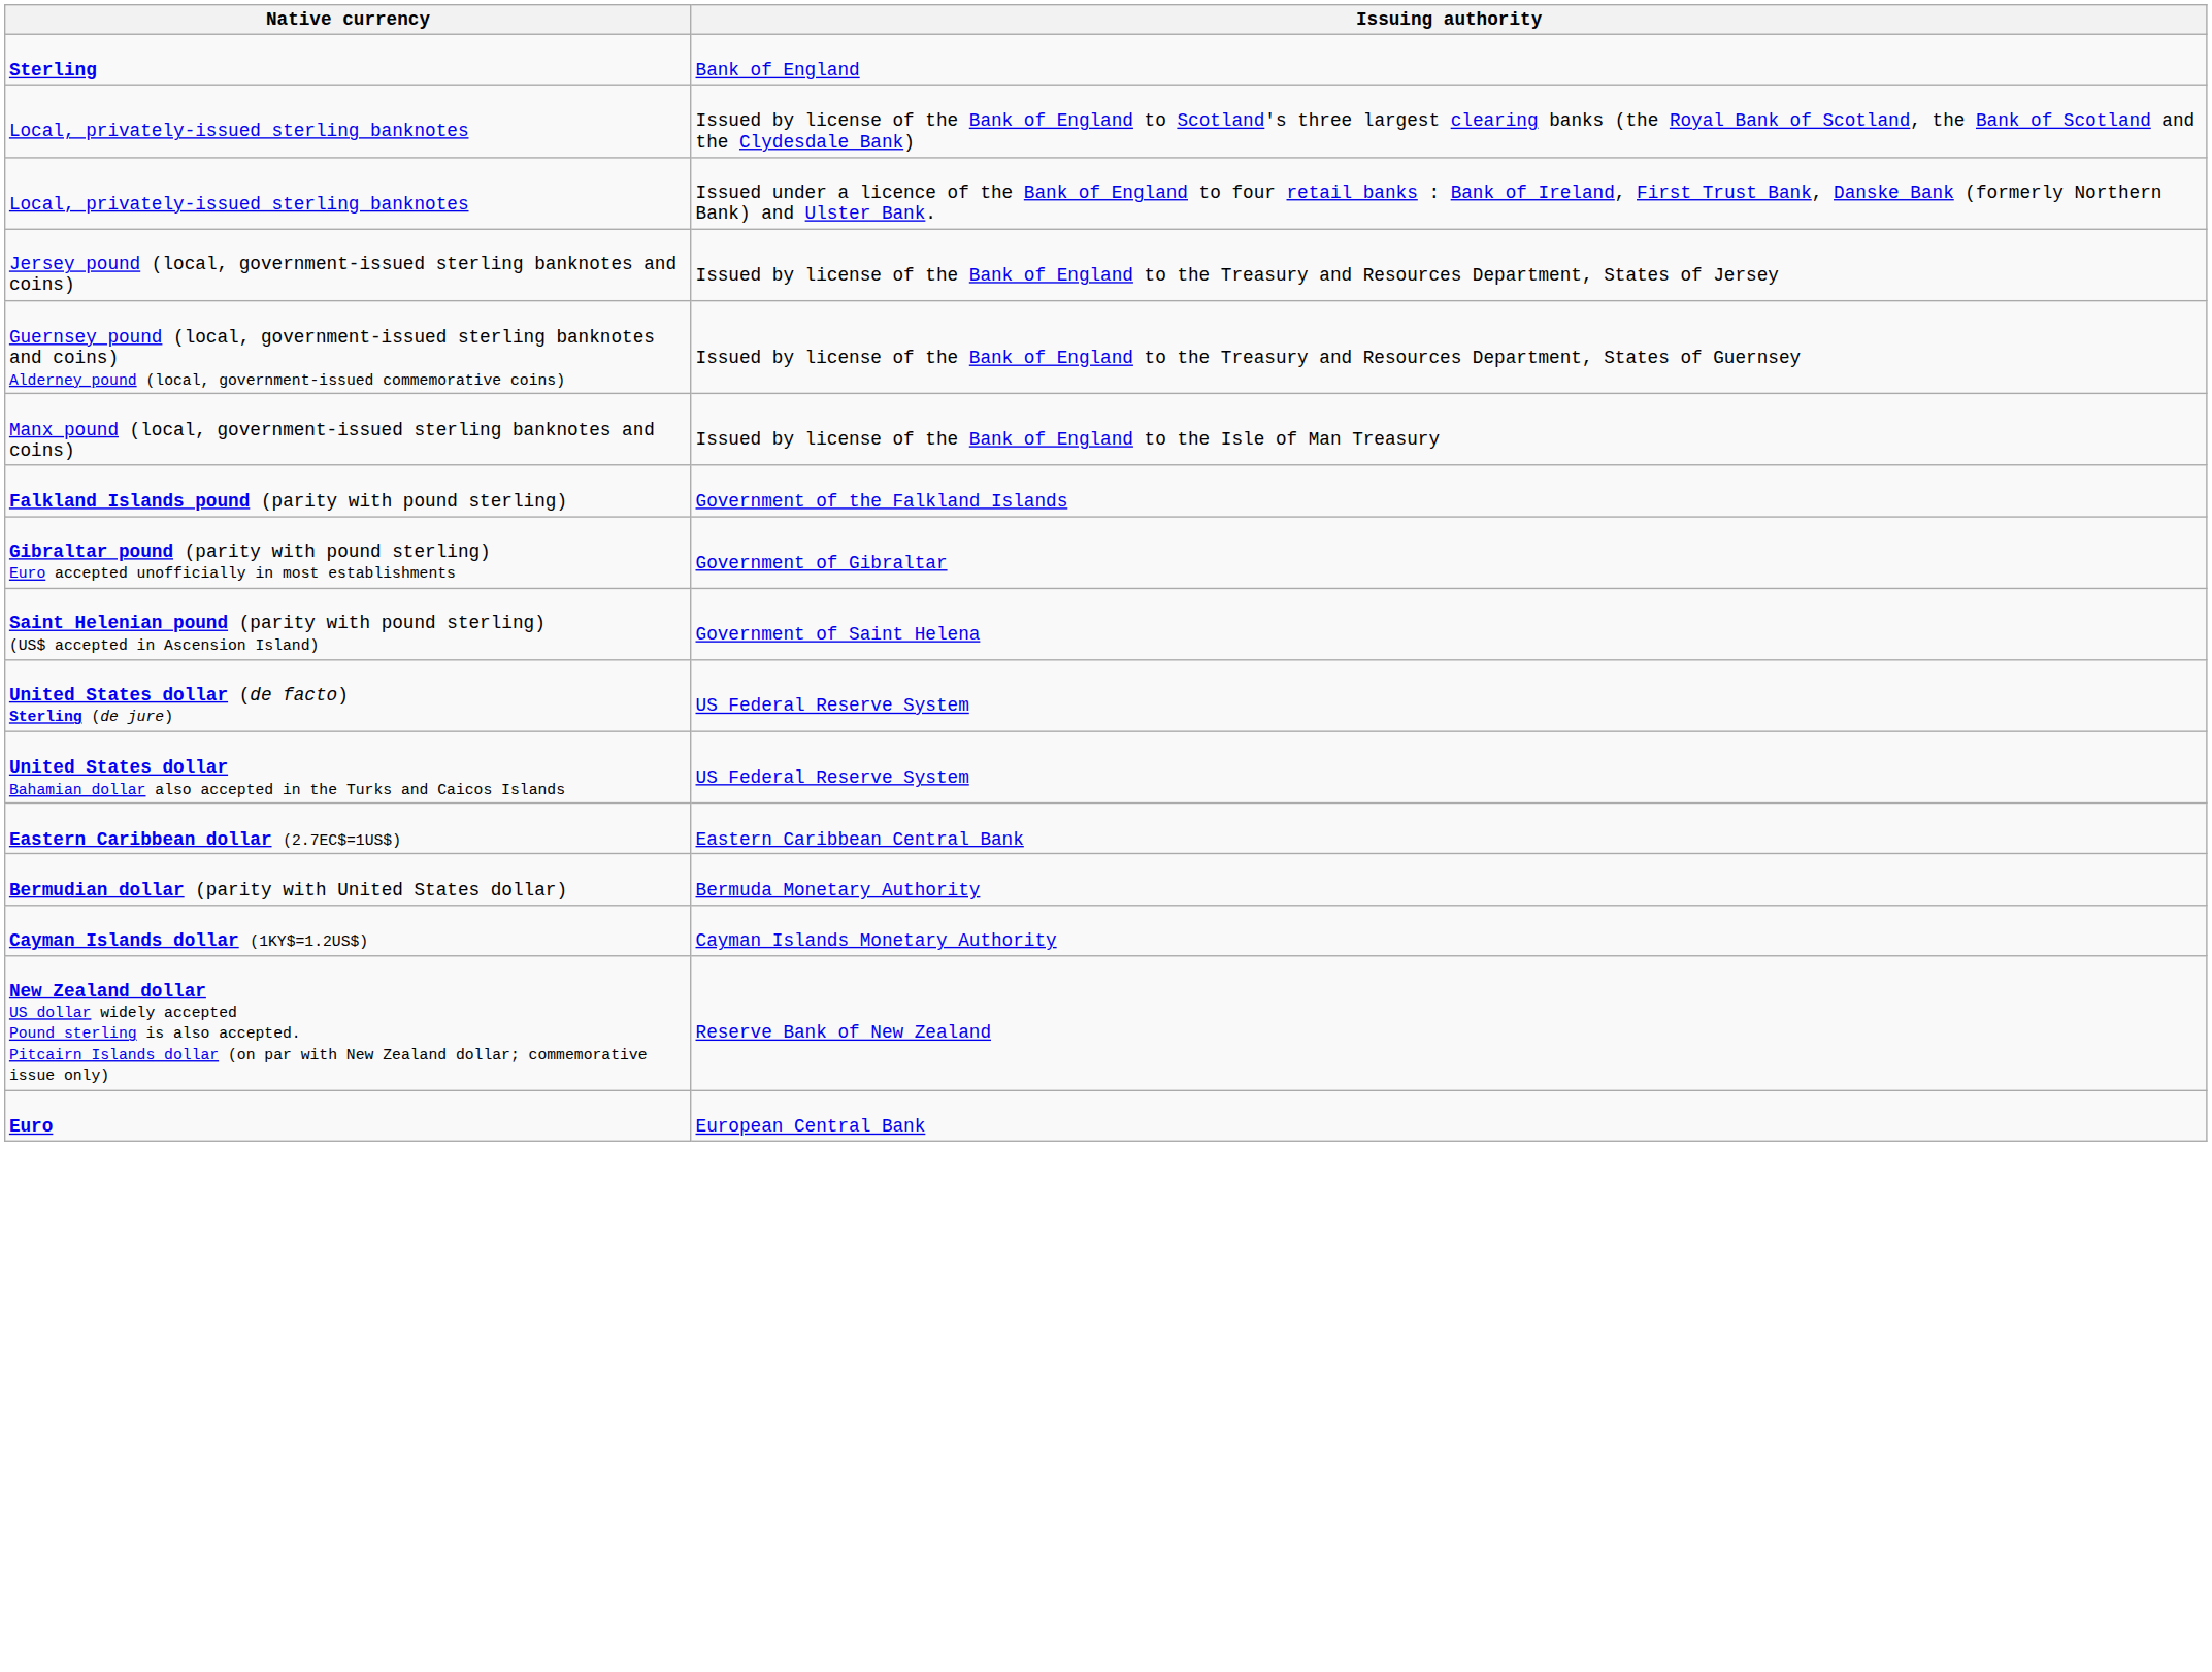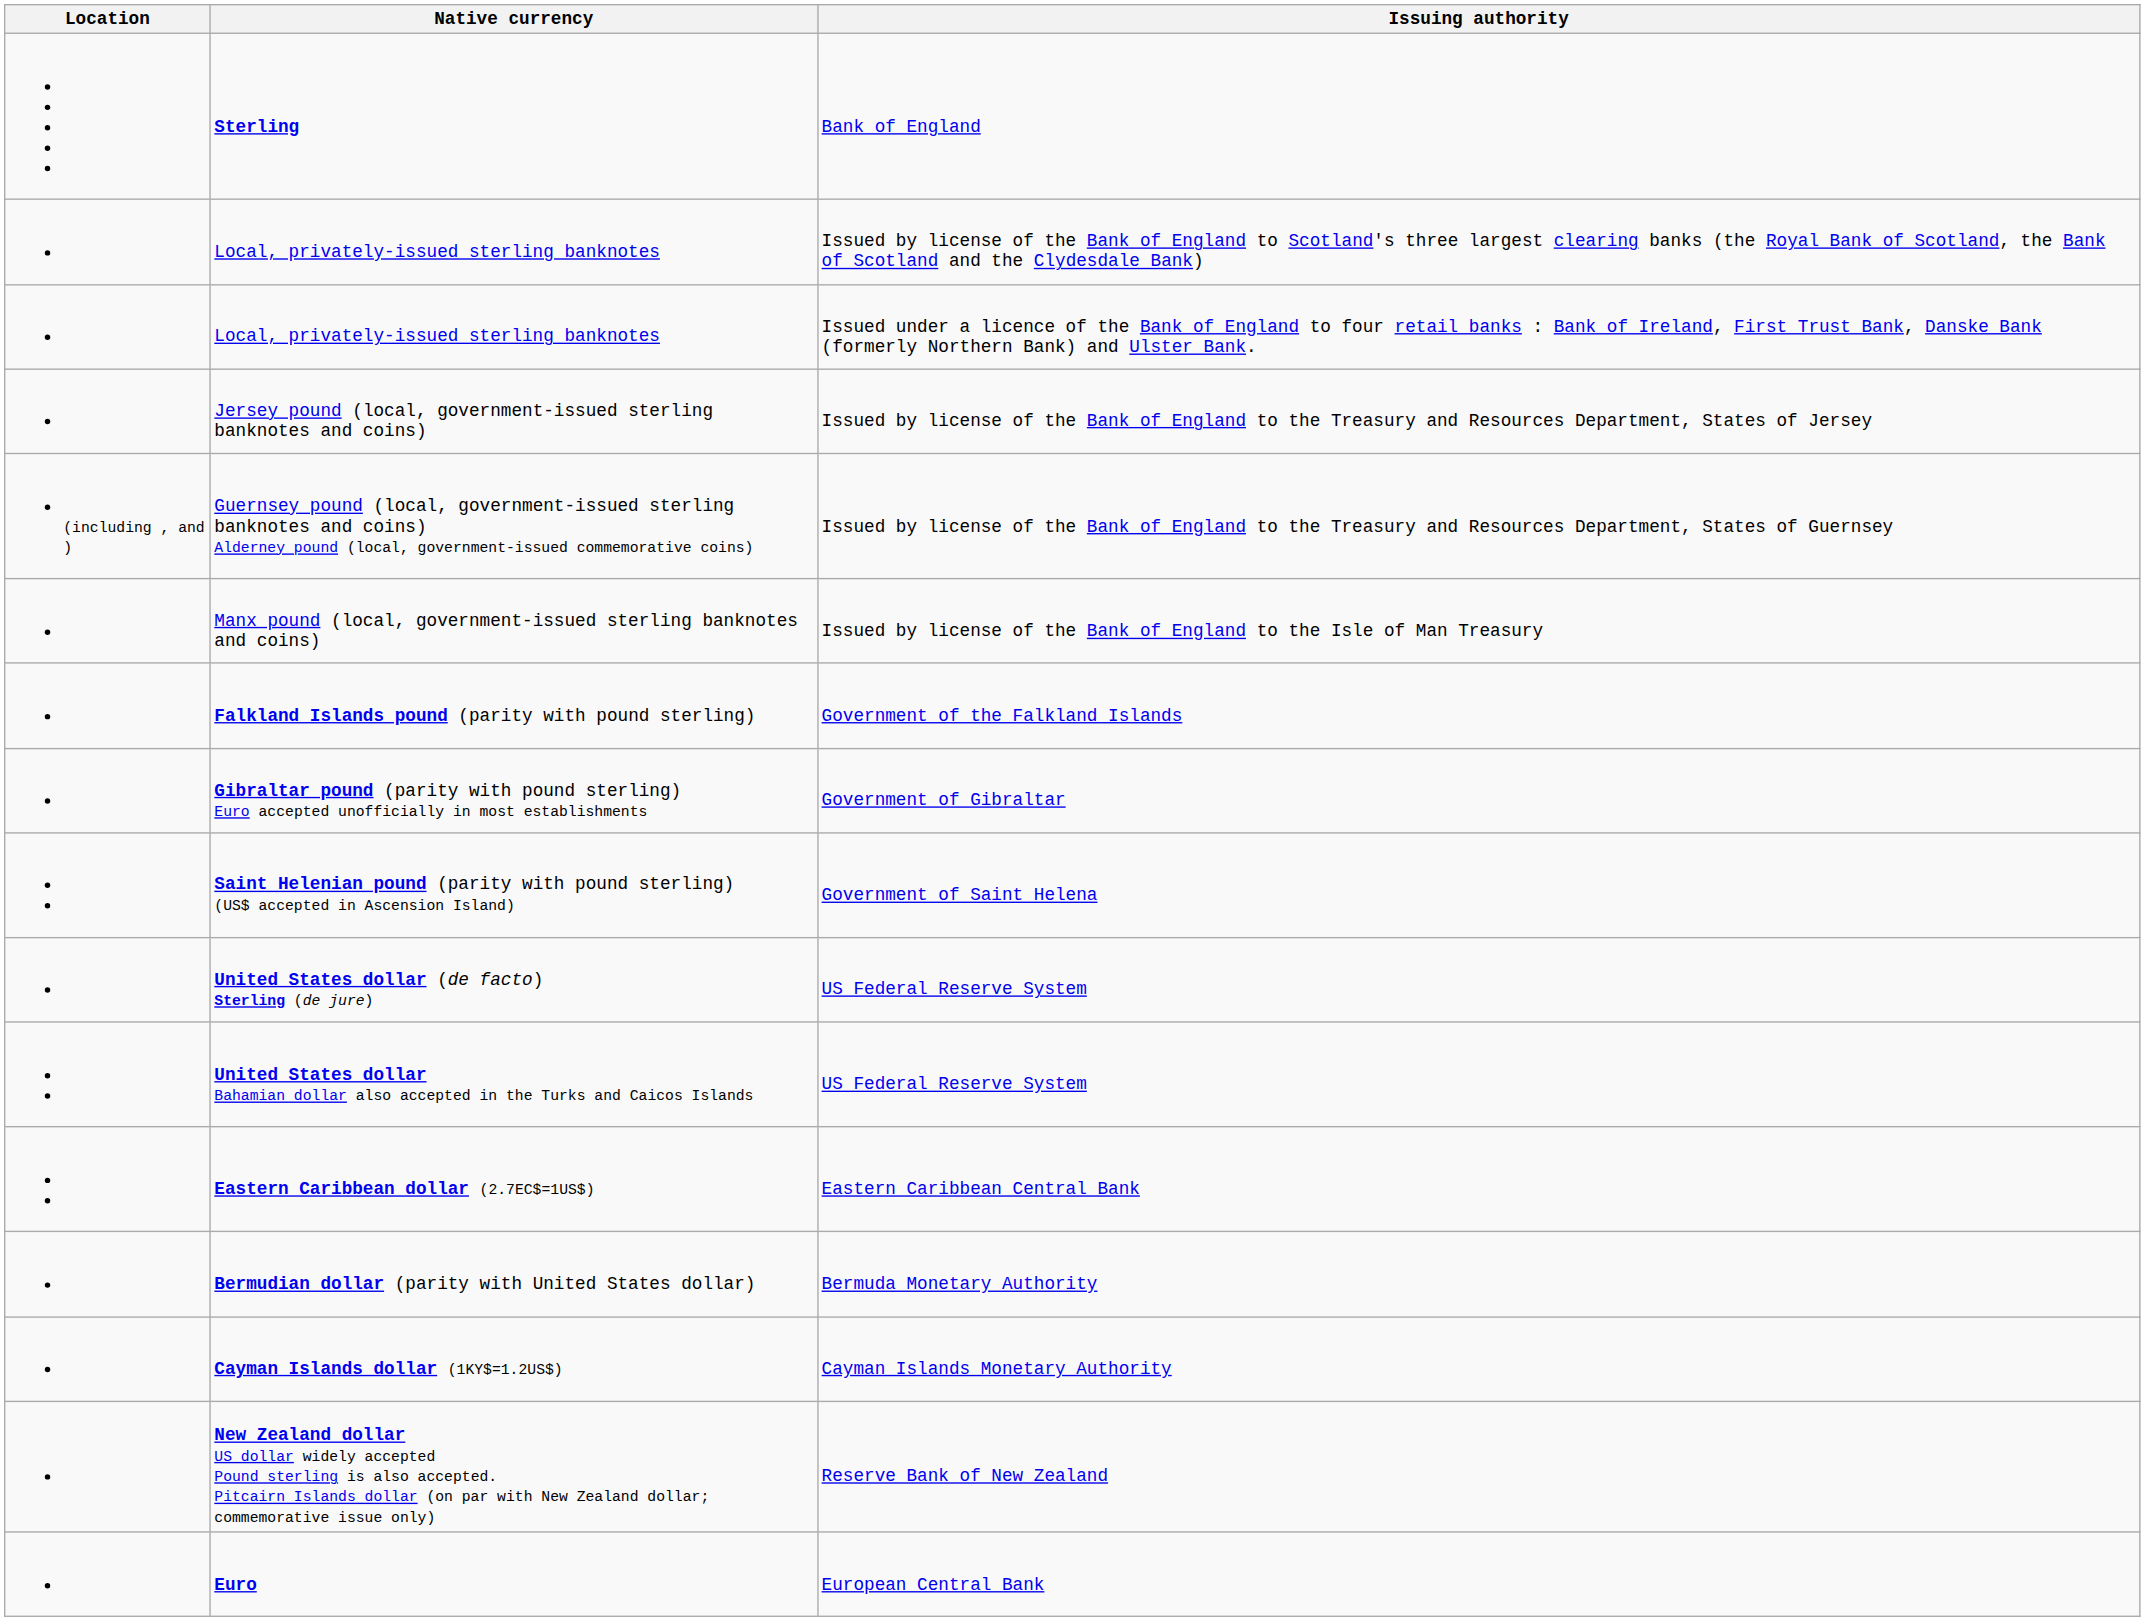 <table class="wikitable">
 <tr>
+<th>Location</th>
 <th>Native currency</th>
 <th>Issuing authority</th>
 </tr>
 <tr>
+<td><br><ul><li></li><li></li><li></li><li></li><li></li></ul></td>
 <td><br><strong><a href='#'>Sterling</a></strong></td>
 <td><br><a href='#'>Bank of England</a></td>
 </tr>
 <tr>
+<td><br><ul><li></li></ul></td>
 <td><br><a href='#'>Local, privately-issued sterling banknotes</a></td>
 <td><br>Issued by license of the <a href='#'>Bank of England</a> to <a href='#'>Scotland</a>'s three largest <a href='#'>clearing</a> banks (the <a href='#'>Royal Bank of Scotland</a>, the <a href='#'>Bank of Scotland</a> and the <a href='#'>Clydesdale Bank</a>)</td>
 </tr>
 <tr>
+<td><br><ul><li></li></ul></td>
 <td><br><a href='#'>Local, privately-issued sterling banknotes</a></td>
 <td><br>Issued under a licence of the <a href='#'>Bank of England</a> to four <a href='#'>retail banks</a> : <a href='#'>Bank of Ireland</a>, <a href='#'>First Trust Bank</a>, <a href='#'>Danske Bank</a> (formerly Northern Bank) and <a href='#'>Ulster Bank</a>.</td>
 </tr>
 <tr>
+<td><br><ul><li></li></ul></td>
 <td><br><a href='#'>Jersey pound</a> (local, government-issued sterling banknotes and coins)</td>
 <td><br>Issued by license of the <a href='#'>Bank of England</a> to the Treasury and Resources Department, States of Jersey</td>
 </tr>
 <tr>
+<td><br><ul><li> <br><small>(including ,  and )</small></li></ul></td>
 <td><br><a href='#'>Guernsey pound</a> (local, government-issued sterling banknotes and coins)<br><small><a href='#'>Alderney pound</a> (local, government-issued commemorative coins)</small></td>
 <td><br>Issued by license of the <a href='#'>Bank of England</a> to the Treasury and Resources Department, States of Guernsey</td>
 </tr>
 <tr>
+<td><br><ul><li></li></ul></td>
 <td><br><a href='#'>Manx pound</a> (local, government-issued sterling banknotes and coins)</td>
 <td><br>Issued by license of the <a href='#'>Bank of England</a> to the Isle of Man Treasury</td>
 </tr>
 <tr>
+<td><br><ul><li></li></ul></td>
 <td><br><strong><a href='#'>Falkland Islands pound</a></strong> (parity with pound sterling)</td>
 <td><br><a href='#'>Government of the Falkland Islands</a></td>
 </tr>
 <tr>
+<td><br><ul><li></li></ul></td>
 <td><br><strong><a href='#'>Gibraltar pound</a></strong> (parity with pound sterling)<br> <small><a href='#'>Euro</a> accepted unofficially in most establishments</small></td>
 <td><br><a href='#'>Government of Gibraltar</a></td>
 </tr>
 <tr>
+<td><br><ul><li></li><li></li></ul></td>
 <td><br><strong><a href='#'>Saint Helenian pound</a></strong> (parity with pound sterling)<br> <small>(US$ accepted in Ascension Island)</small></td>
 <td><br><a href='#'>Government of Saint Helena</a></td>
 </tr>
 <tr>
+<td><br><ul><li></li></ul></td>
 <td><br><strong><a href='#'>United States dollar</a></strong> (<em>de facto</em>)<br> <small><strong><a href='#'>Sterling</a></strong> (<em>de jure</em>)</small></td>
 <td><br><a href='#'>US Federal Reserve System</a></td>
 </tr>
 <tr>
+<td><br><ul><li></li><li></li></ul></td>
 <td><br><strong><a href='#'>United States dollar</a></strong> <small><br><a href='#'>Bahamian dollar</a> also accepted in the Turks and Caicos Islands</small></td>
 <td><br><a href='#'>US Federal Reserve System</a></td>
 </tr>
 <tr>
+<td><br><ul><li></li><li></li></ul></td>
 <td><br><strong><a href='#'>Eastern Caribbean dollar</a></strong> <small>(2.7EC$=1US$)</small></td>
 <td><br><a href='#'>Eastern Caribbean Central Bank</a></td>
 </tr>
 <tr>
+<td><br><ul><li></li></ul></td>
 <td><br><strong><a href='#'>Bermudian dollar</a></strong> (parity with United States dollar)</td>
 <td><br><a href='#'>Bermuda Monetary Authority</a></td>
 </tr>
 <tr>
+<td><br><ul><li></li></ul></td>
 <td><br><strong><a href='#'>Cayman Islands dollar</a></strong> <small>(1KY$=1.2US$)</small></td>
 <td><br><a href='#'>Cayman Islands Monetary Authority</a></td>
 </tr>
 <tr>
+<td><br><ul><li></li></ul></td>
 <td><br><strong><a href='#'>New Zealand dollar</a></strong><br><small><a href='#'>US dollar</a> widely accepted<br><a href='#'>Pound sterling</a> is also accepted.</small><small><br><a href='#'>Pitcairn Islands dollar</a> (on par with New Zealand dollar; commemorative issue only)</small></td>
 <td><br><a href='#'>Reserve Bank of New Zealand</a></td>
 </tr>
 <tr>
+<td><br><ul><li></li></ul></td>
 <td><br><strong><a href='#'>Euro</a></strong></td>
 <td><br><a href='#'>European Central Bank</a></td>
 </tr>
 </table>
